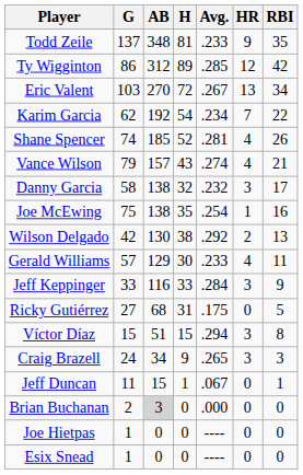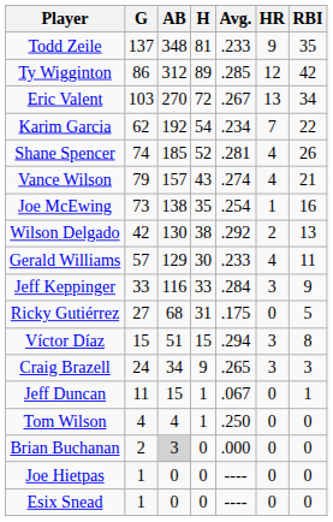 <table class="wikitable sortable">
 <tr>
 <th>Player</th>
 <th>G</th>
 <th>AB</th>
 <th>H</th>
 <th>Avg.</th>
 <th>HR</th>
 <th>RBI</th>
 </tr>
 <tr align=center>
 <td><a href='#'>Todd Zeile</a></td>
 <td>137</td>
 <td>348</td>
 <td>81</td>
 <td>.233</td>
 <td>9</td>
 <td>35</td>
 </tr>
 <tr align=center>
 <td><a href='#'>Ty Wigginton</a></td>
 <td>86</td>
 <td>312</td>
 <td>89</td>
 <td>.285</td>
 <td>12</td>
 <td>42</td>
 </tr>
 <tr align=center>
 <td><a href='#'>Eric Valent</a></td>
 <td>103</td>
 <td>270</td>
 <td>72</td>
 <td>.267</td>
 <td>13</td>
 <td>34</td>
 </tr>
 <tr align=center>
 <td><a href='#'>Karim Garcia</a></td>
 <td>62</td>
 <td>192</td>
 <td>54</td>
 <td>.234</td>
 <td>7</td>
 <td>22</td>
 </tr>
 <tr align=center>
 <td><a href='#'>Shane Spencer</a></td>
 <td>74</td>
 <td>185</td>
 <td>52</td>
 <td>.281</td>
 <td>4</td>
 <td>26</td>
 </tr>
 <tr align=center>
 <td><a href='#'>Vance Wilson</a></td>
 <td>79</td>
 <td>157</td>
 <td>43</td>
 <td>.274</td>
 <td>4</td>
 <td>21</td>
 </tr>
 <tr align=center>
-<td><a href='#'>Danny Garcia</a></td>
-<td>58</td>
-<td>138</td>
-<td>32</td>
-<td>.232</td>
-<td>3</td>
-<td>17</td>
-</tr>
-<tr align=center>
 <td><a href='#'>Joe McEwing</a></td>
-<td>75</td>
+<td>73</td>
 <td>138</td>
 <td>35</td>
 <td>.254</td>
 <td>1</td>
 <td>16</td>
 </tr>
 <tr align=center>
 <td><a href='#'>Wilson Delgado</a></td>
 <td>42</td>
 <td>130</td>
 <td>38</td>
 <td>.292</td>
 <td>2</td>
 <td>13</td>
 </tr>
 <tr align=center>
 <td><a href='#'>Gerald Williams</a></td>
 <td>57</td>
 <td>129</td>
 <td>30</td>
 <td>.233</td>
 <td>4</td>
 <td>11</td>
 </tr>
 <tr align=center>
 <td><a href='#'>Jeff Keppinger</a></td>
 <td>33</td>
 <td>116</td>
 <td>33</td>
 <td>.284</td>
 <td>3</td>
 <td>9</td>
 </tr>
 <tr align=center>
 <td><a href='#'>Ricky Gutiérrez</a></td>
 <td>27</td>
 <td>68</td>
 <td>31</td>
 <td>.175</td>
 <td>0</td>
 <td>5</td>
 </tr>
 <tr align=center>
 <td><a href='#'>Víctor Díaz</a></td>
 <td>15</td>
 <td>51</td>
 <td>15</td>
 <td>.294</td>
 <td>3</td>
 <td>8</td>
 </tr>
 <tr align=center>
 <td><a href='#'>Craig Brazell</a></td>
 <td>24</td>
 <td>34</td>
 <td>9</td>
 <td>.265</td>
 <td>3</td>
 <td>3</td>
 </tr>
 <tr align=center>
 <td><a href='#'>Jeff Duncan</a></td>
 <td>11</td>
 <td>15</td>
 <td>1</td>
 <td>.067</td>
 <td>0</td>
 <td>1</td>
 </tr>
 <tr align=center>
+<td><a href='#'>Tom Wilson</a></td>
+<td>4</td>
+<td>4</td>
+<td>1</td>
+<td>.250</td>
+<td>0</td>
+<td>0</td>
+</tr>
+<tr align=center>
 <td><a href='#'>Brian Buchanan</a></td>
 <td>2</td>
 <td style="background: lightgrey;">3</td>
 <td>0</td>
 <td>.000</td>
 <td>0</td>
 <td>0</td>
 </tr>
 <tr align=center>
 <td><a href='#'>Joe Hietpas</a></td>
 <td>1</td>
 <td>0</td>
 <td>0</td>
 <td>----</td>
 <td>0</td>
 <td>0</td>
 </tr>
 <tr align=center>
 <td><a href='#'>Esix Snead</a></td>
 <td>1</td>
 <td>0</td>
 <td>0</td>
 <td>----</td>
 <td>0</td>
 <td>0</td>
 </tr>
 </table>
